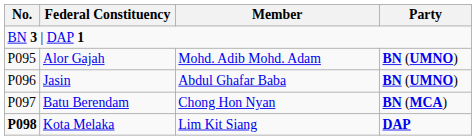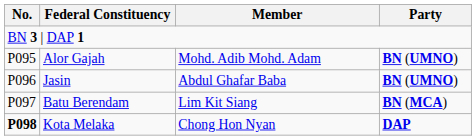 <table class="wikitable sortable">
 <tr>
 <th style="width:30px;">No.</th>
 <th style="width:150px;">Federal Constituency</th>
 <th style="width:230px;">Member</th>
 <th style="width:100px;">Party</th>
 </tr>
 <tr>
 <td colspan="4"><a href='#'>BN</a> <strong>3</strong> | <a href='#'>DAP</a> <strong>1</strong></td>
 </tr>
 <tr>
 <td>P095</td>
 <td><a href='#'>Alor Gajah</a></td>
 <td><a href='#'>Mohd. Adib Mohd. Adam</a></td>
 <td><strong><a href='#'>BN</a></strong> (<strong><a href='#'>UMNO</a></strong>)</td>
 </tr>
 <tr>
 <td>P096</td>
 <td><a href='#'>Jasin</a></td>
 <td><a href='#'>Abdul Ghafar Baba</a></td>
 <td><strong><a href='#'>BN</a></strong> (<strong><a href='#'>UMNO</a></strong>)</td>
 </tr>
 <tr>
 <td>P097</td>
 <td><a href='#'>Batu Berendam</a></td>
-<td><a href='#'>Chong Hon Nyan</a></td>
+<td><a href='#'>Lim Kit Siang</a></td>
 <td><strong><a href='#'>BN</a></strong> (<strong><a href='#'>MCA</a></strong>)</td>
 </tr>
 <tr>
 <td><strong>P098</strong></td>
 <td><a href='#'>Kota Melaka</a></td>
-<td><a href='#'>Lim Kit Siang</a></td>
+<td><a href='#'>Chong Hon Nyan</a></td>
 <td><strong><a href='#'>DAP</a></strong></td>
 </tr>
 </table>
